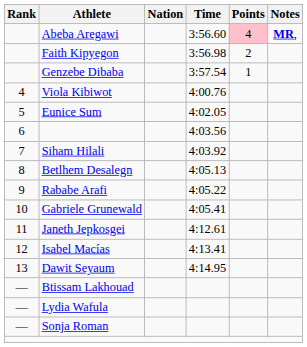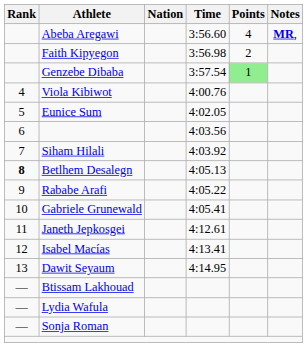 <table class="wikitable mw-datatable sortable" style="text-align:center;">
 <tr>
 <th>Rank</th>
 <th>Athlete</th>
 <th>Nation</th>
 <th>Time</th>
 <th>Points</th>
 <th>Notes</th>
 </tr>
 <tr>
 <td></td>
 <td align=left><a href='#'>Abeba Aregawi</a></td>
 <td align=left></td>
 <td>3:56.60</td>
-<td style="background: pink;">4</td>
+<td>4</td>
 <td><strong><a href='#'>MR</a></strong>, </td>
 </tr>
 <tr>
 <td></td>
 <td align=left><a href='#'>Faith Kipyegon</a></td>
 <td align=left></td>
 <td>3:56.98</td>
 <td>2</td>
 <td><strong></strong></td>
 </tr>
 <tr>
 <td></td>
 <td align=left><a href='#'>Genzebe Dibaba</a></td>
 <td align=left></td>
 <td>3:57.54</td>
-<td>1</td>
+<td style="background: lightgreen;">1</td>
 <td></td>
 </tr>
 <tr>
 <td>4</td>
 <td align=left><a href='#'>Viola Kibiwot</a></td>
 <td align=left></td>
 <td>4:00.76</td>
 <td></td>
 <td></td>
 </tr>
 <tr>
 <td>5</td>
 <td align=left><a href='#'>Eunice Sum</a></td>
 <td align=left></td>
 <td>4:02.05</td>
 <td></td>
 <td></td>
 </tr>
 <tr>
 <td>6</td>
 <td align=left></td>
 <td align=left></td>
 <td>4:03.56</td>
 <td></td>
 <td></td>
 </tr>
 <tr>
 <td>7</td>
 <td align=left><a href='#'>Siham Hilali</a></td>
 <td align=left></td>
 <td>4:03.92</td>
 <td></td>
 <td></td>
 </tr>
 <tr>
-<td>8</td>
+<td><strong>8</strong></td>
 <td align=left><a href='#'>Betlhem Desalegn</a></td>
 <td align=left></td>
 <td>4:05.13</td>
 <td></td>
 <td><strong></strong></td>
 </tr>
 <tr>
 <td>9</td>
 <td align=left><a href='#'>Rababe Arafi</a></td>
 <td align=left></td>
 <td>4:05.22</td>
 <td></td>
 <td></td>
 </tr>
 <tr>
 <td>10</td>
 <td align=left><a href='#'>Gabriele Grunewald</a></td>
 <td align=left></td>
 <td>4:05.41</td>
 <td></td>
 <td></td>
 </tr>
 <tr>
 <td>11</td>
 <td align=left><a href='#'>Janeth Jepkosgei</a></td>
 <td align=left></td>
 <td>4:12.61</td>
 <td></td>
 <td></td>
 </tr>
 <tr>
 <td>12</td>
 <td align=left><a href='#'>Isabel Macías</a></td>
 <td align=left></td>
 <td>4:13.41</td>
 <td></td>
 <td></td>
 </tr>
 <tr>
 <td>13</td>
 <td align=left><a href='#'>Dawit Seyaum</a></td>
 <td align=left></td>
 <td>4:14.95</td>
 <td></td>
 <td></td>
 </tr>
 <tr>
 <td>—</td>
 <td align=left><a href='#'>Btissam Lakhouad</a></td>
 <td align=left></td>
 <td></td>
 <td></td>
 <td></td>
 </tr>
 <tr>
 <td>—</td>
 <td align=left><a href='#'>Lydia Wafula</a></td>
 <td align=left></td>
 <td></td>
 <td></td>
 <td></td>
 </tr>
 <tr>
 <td>—</td>
 <td align=left><a href='#'>Sonja Roman</a></td>
 <td align=left></td>
 <td></td>
 <td></td>
 <td></td>
 </tr>
 <tr class="sortbottom">
 <td colspan=6></td>
 </tr>
 </table>
